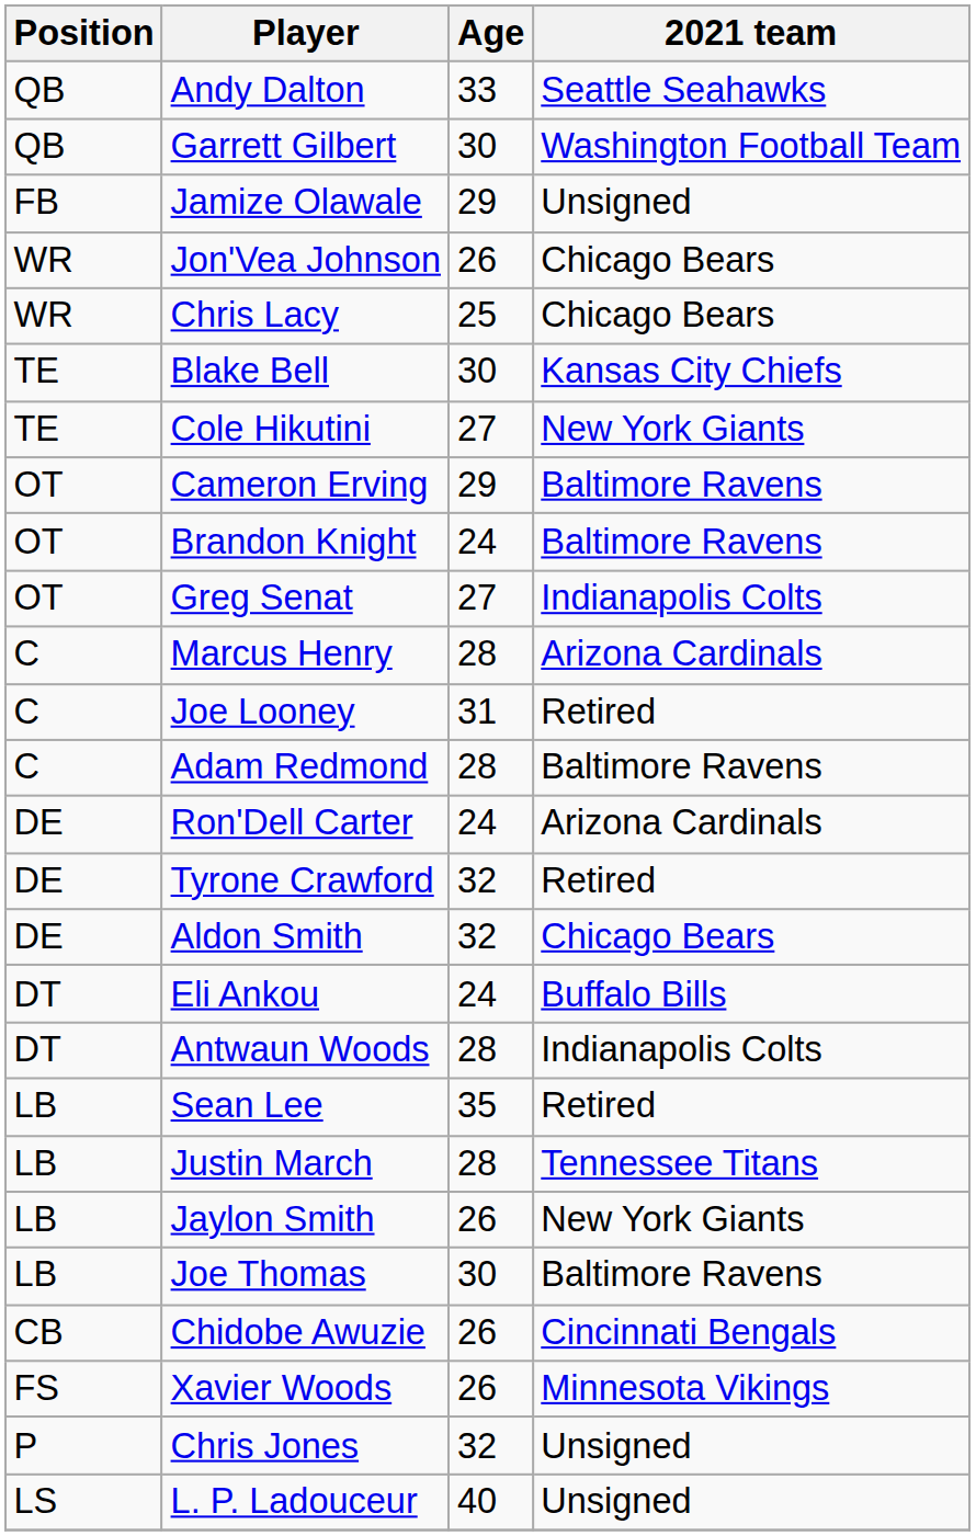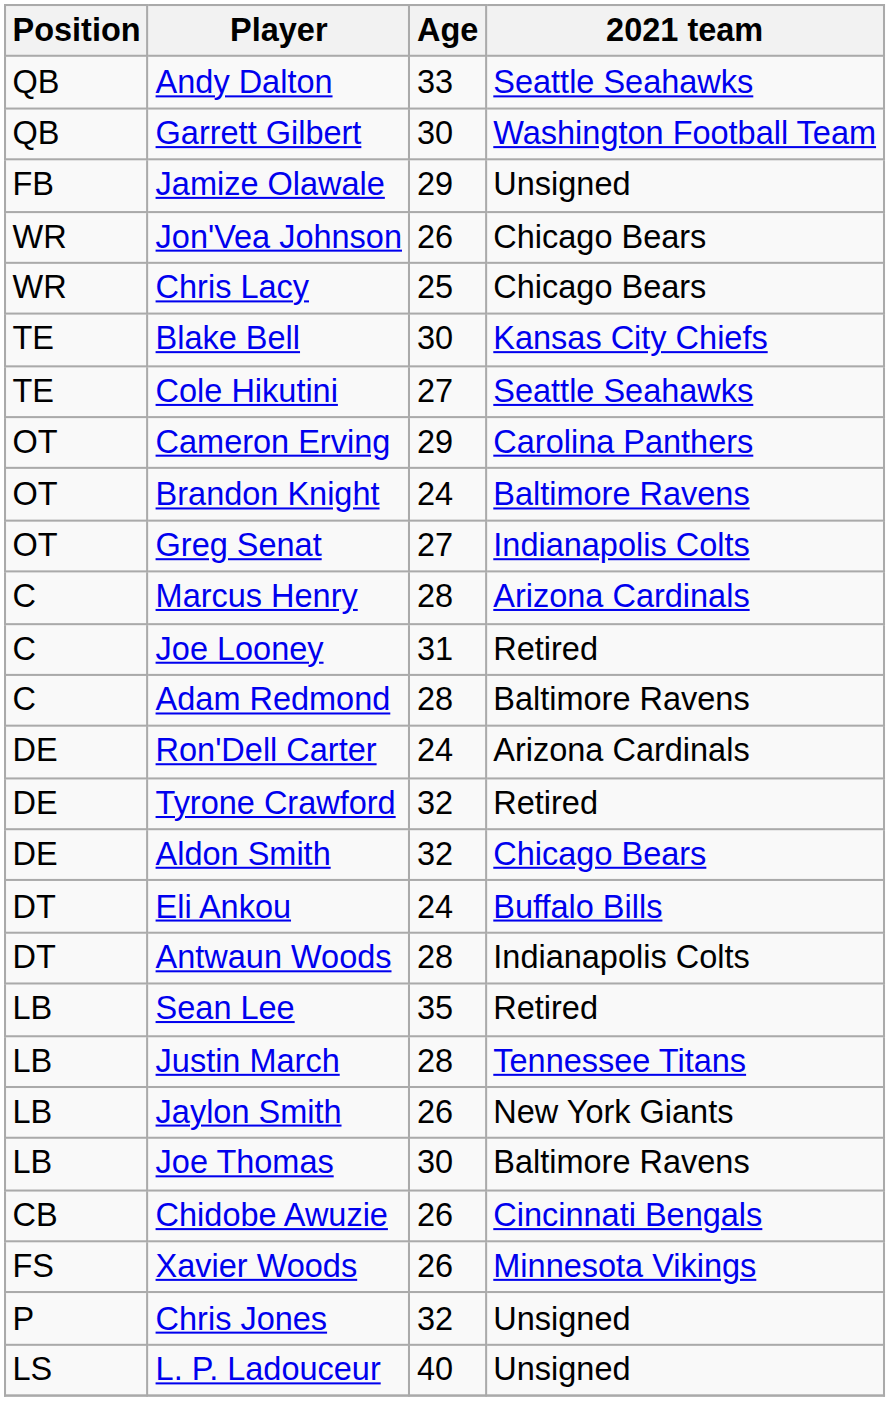 <table class="wikitable">
 <tr>
 <th>Position</th>
 <th>Player</th>
 <th>Age</th>
 <th>2021 team</th>
 </tr>
 <tr>
 <td>QB</td>
 <td><a href='#'>Andy Dalton</a></td>
 <td>33</td>
 <td><a href='#'>Seattle Seahawks</a></td>
 </tr>
 <tr>
 <td>QB</td>
 <td><a href='#'>Garrett Gilbert</a></td>
 <td>30</td>
 <td><a href='#'>Washington Football Team</a></td>
 </tr>
 <tr>
 <td>FB</td>
 <td><a href='#'>Jamize Olawale</a></td>
 <td>29</td>
 <td>Unsigned</td>
 </tr>
 <tr>
 <td>WR</td>
 <td><a href='#'>Jon'Vea Johnson</a></td>
 <td>26</td>
 <td>Chicago Bears</td>
 </tr>
 <tr>
 <td>WR</td>
 <td><a href='#'>Chris Lacy</a></td>
 <td>25</td>
 <td>Chicago Bears</td>
 </tr>
 <tr>
 <td>TE</td>
 <td><a href='#'>Blake Bell</a></td>
 <td>30</td>
 <td><a href='#'>Kansas City Chiefs</a></td>
 </tr>
 <tr>
 <td>TE</td>
 <td><a href='#'>Cole Hikutini</a></td>
 <td>27</td>
-<td><a href='#'>New York Giants</a></td>
+<td><a href='#'>Seattle Seahawks</a></td>
 </tr>
 <tr>
 <td>OT</td>
 <td><a href='#'>Cameron Erving</a></td>
 <td>29</td>
-<td><a href='#'>Baltimore Ravens</a></td>
+<td><a href='#'>Carolina Panthers</a></td>
 </tr>
 <tr>
 <td>OT</td>
 <td><a href='#'>Brandon Knight</a></td>
 <td>24</td>
 <td><a href='#'>Baltimore Ravens</a></td>
 </tr>
 <tr>
 <td>OT</td>
 <td><a href='#'>Greg Senat</a></td>
 <td>27</td>
 <td><a href='#'>Indianapolis Colts</a></td>
 </tr>
 <tr>
 <td>C</td>
 <td><a href='#'>Marcus Henry</a></td>
 <td>28</td>
 <td><a href='#'>Arizona Cardinals</a></td>
 </tr>
 <tr>
 <td>C</td>
 <td><a href='#'>Joe Looney</a></td>
 <td>31</td>
 <td>Retired</td>
 </tr>
 <tr>
 <td>C</td>
 <td><a href='#'>Adam Redmond</a></td>
 <td>28</td>
 <td>Baltimore Ravens</td>
 </tr>
 <tr>
 <td>DE</td>
 <td><a href='#'>Ron'Dell Carter</a></td>
 <td>24</td>
 <td>Arizona Cardinals</td>
 </tr>
 <tr>
 <td>DE</td>
 <td><a href='#'>Tyrone Crawford</a></td>
 <td>32</td>
 <td>Retired</td>
 </tr>
 <tr>
 <td>DE</td>
 <td><a href='#'>Aldon Smith</a></td>
 <td>32</td>
 <td><a href='#'>Chicago Bears</a></td>
 </tr>
 <tr>
 <td>DT</td>
 <td><a href='#'>Eli Ankou</a></td>
 <td>24</td>
 <td><a href='#'>Buffalo Bills</a></td>
 </tr>
 <tr>
 <td>DT</td>
 <td><a href='#'>Antwaun Woods</a></td>
 <td>28</td>
 <td>Indianapolis Colts</td>
 </tr>
 <tr>
 <td>LB</td>
 <td><a href='#'>Sean Lee</a></td>
 <td>35</td>
 <td>Retired</td>
 </tr>
 <tr>
 <td>LB</td>
 <td><a href='#'>Justin March</a></td>
 <td>28</td>
 <td><a href='#'>Tennessee Titans</a></td>
 </tr>
 <tr>
 <td>LB</td>
 <td><a href='#'>Jaylon Smith</a></td>
 <td>26</td>
 <td>New York Giants</td>
 </tr>
 <tr>
 <td>LB</td>
 <td><a href='#'>Joe Thomas</a></td>
 <td>30</td>
 <td>Baltimore Ravens</td>
 </tr>
 <tr>
 <td>CB</td>
 <td><a href='#'>Chidobe Awuzie</a></td>
 <td>26</td>
 <td><a href='#'>Cincinnati Bengals</a></td>
 </tr>
 <tr>
 <td>FS</td>
 <td><a href='#'>Xavier Woods</a></td>
 <td>26</td>
 <td><a href='#'>Minnesota Vikings</a></td>
 </tr>
 <tr>
 <td>P</td>
 <td><a href='#'>Chris Jones</a></td>
 <td>32</td>
 <td>Unsigned</td>
 </tr>
 <tr>
 <td>LS</td>
 <td><a href='#'>L. P. Ladouceur</a></td>
 <td>40</td>
 <td>Unsigned</td>
 </tr>
 <tr>
 </tr>
 </table>
